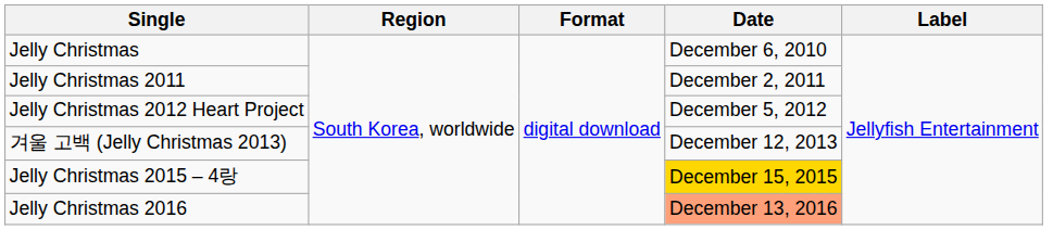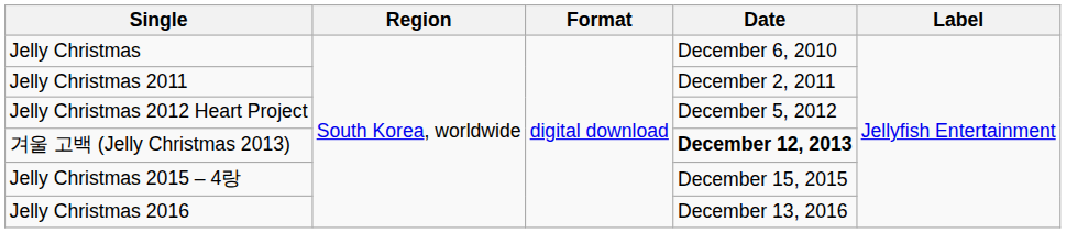 <table class="wikitable">
 <tr>
 <th>Single</th>
 <th>Region</th>
 <th>Format</th>
 <th>Date</th>
 <th>Label</th>
 </tr>
 <tr>
 <td>Jelly Christmas</td>
 <td rowspan="6"><a href='#'>South Korea</a>, worldwide</td>
 <td rowspan="6"><a href='#'>digital download</a></td>
 <td>December 6, 2010</td>
 <td rowspan="6"><a href='#'>Jellyfish Entertainment</a></td>
 </tr>
 <tr>
 <td>Jelly Christmas 2011</td>
 <td>December 2, 2011</td>
 </tr>
 <tr>
 <td>Jelly Christmas 2012 Heart Project</td>
 <td>December 5, 2012</td>
 </tr>
 <tr>
 <td>겨울 고백 (Jelly Christmas 2013)</td>
-<td>December 12, 2013</td>
+<td><strong>December 12, 2013</strong></td>
 </tr>
 <tr>
 <td>Jelly Christmas 2015 – 4랑</td>
-<td style="background: gold;">December 15, 2015</td>
+<td>December 15, 2015</td>
 </tr>
 <tr>
 <td>Jelly Christmas 2016</td>
-<td style="background: lightsalmon;">December 13, 2016</td>
+<td>December 13, 2016</td>
 </tr>
 </table>
